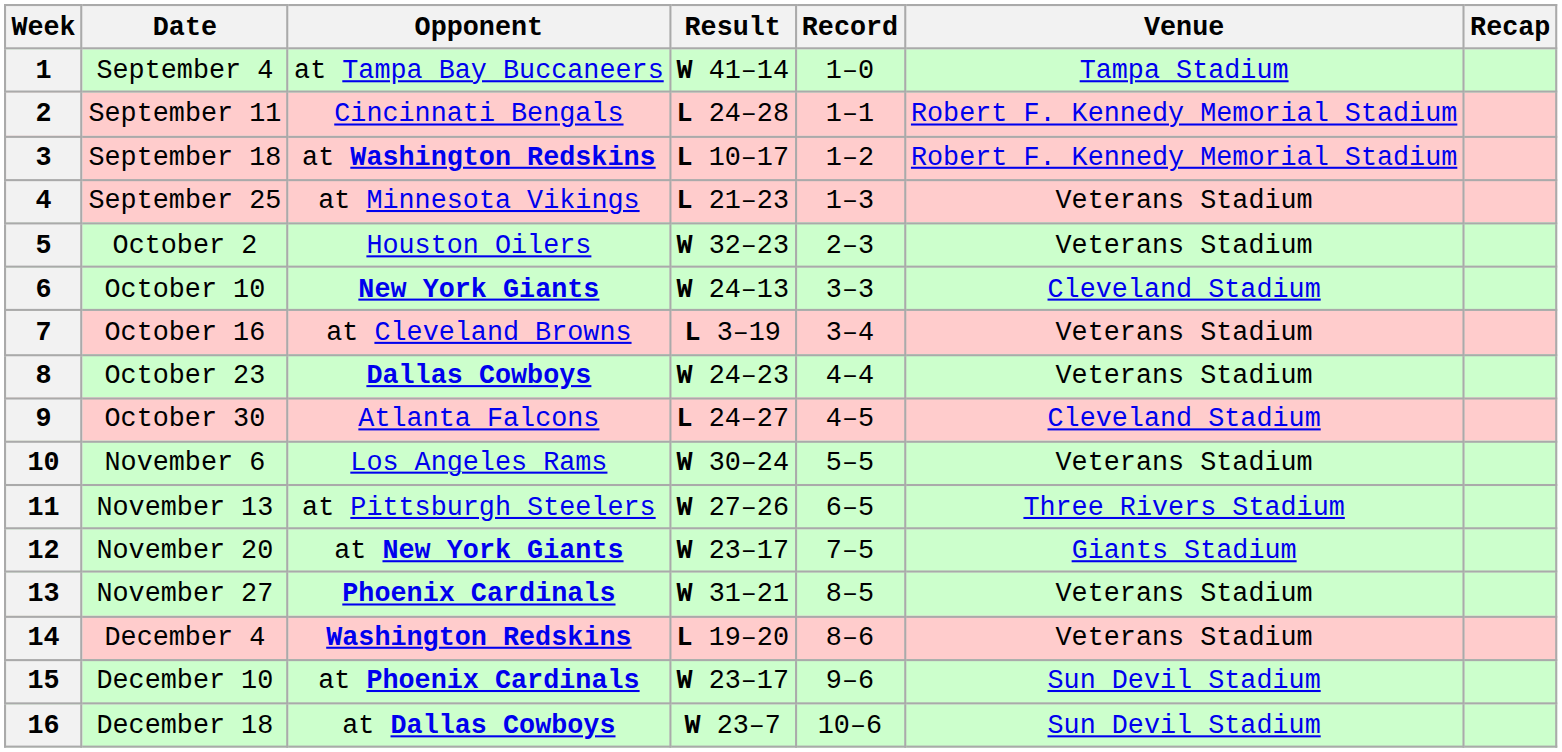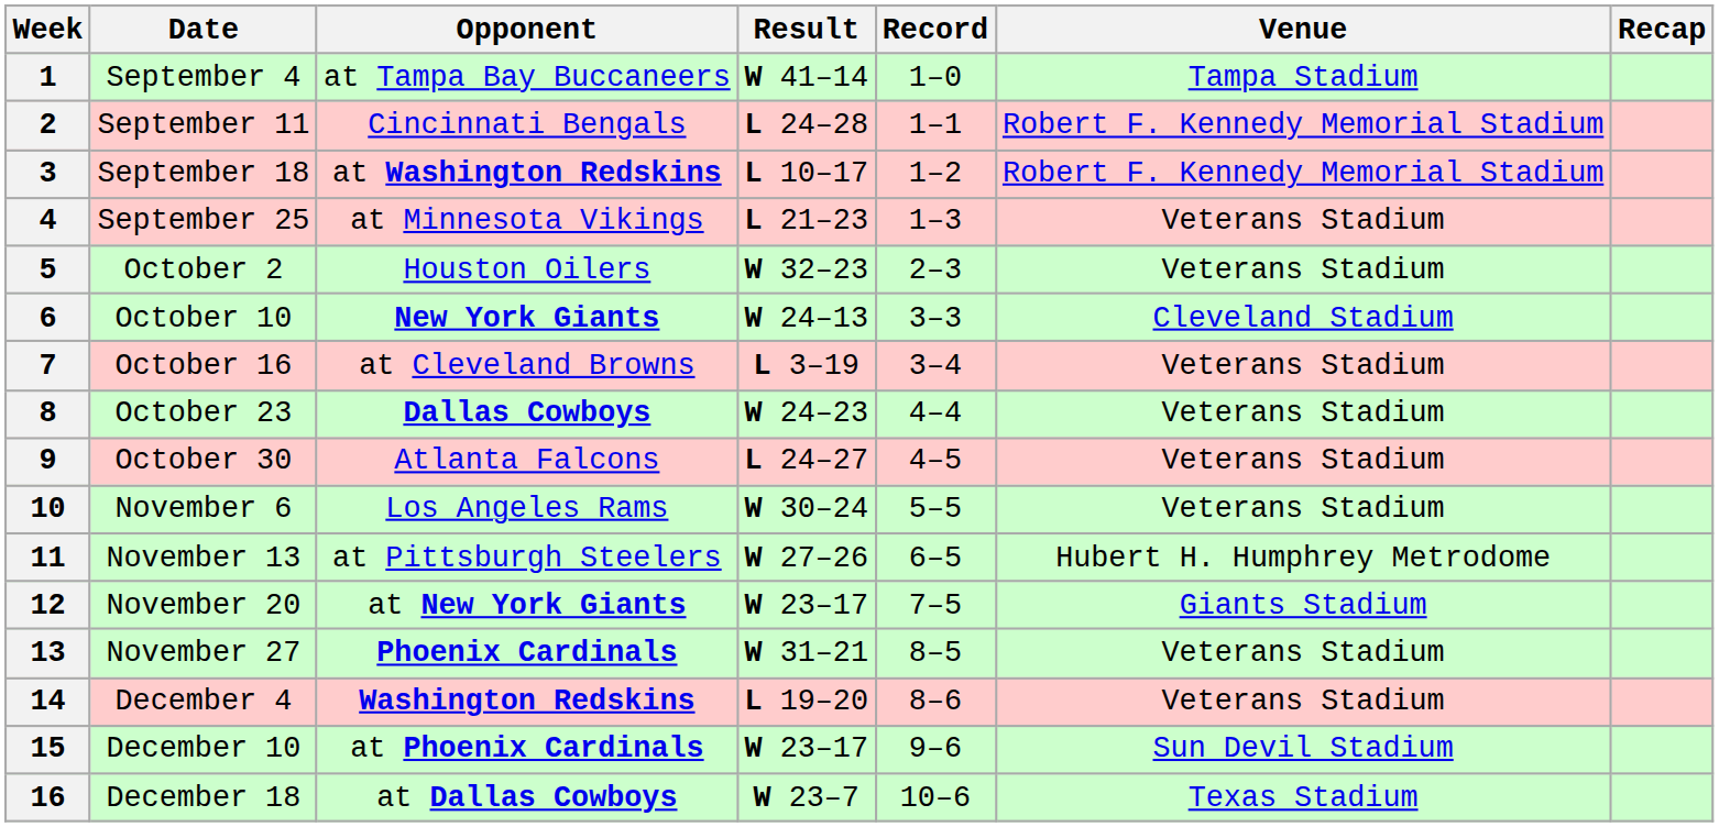 <table class="wikitable" style="text-align:center">
 <tr>
 <th>Week</th>
 <th>Date</th>
 <th>Opponent</th>
 <th>Result</th>
 <th>Record</th>
 <th>Venue</th>
 <th>Recap</th>
 </tr>
 <tr style="background:#cfc">
 <th>1</th>
 <td>September 4</td>
 <td>at <a href='#'>Tampa Bay Buccaneers</a></td>
 <td><strong>W</strong> 41–14</td>
 <td>1–0</td>
 <td><a href='#'>Tampa Stadium</a></td>
 <td></td>
 </tr>
 <tr style="background:#fcc">
 <th>2</th>
 <td>September 11</td>
 <td><a href='#'>Cincinnati Bengals</a></td>
 <td><strong>L</strong> 24–28</td>
 <td>1–1</td>
 <td><a href='#'>Robert F. Kennedy Memorial Stadium</a></td>
 <td></td>
 </tr>
 <tr style="background:#fcc">
 <th>3</th>
 <td>September 18</td>
 <td>at <strong><a href='#'>Washington Redskins</a></strong></td>
 <td><strong>L</strong> 10–17</td>
 <td>1–2</td>
 <td><a href='#'>Robert F. Kennedy Memorial Stadium</a></td>
 <td></td>
 </tr>
 <tr style="background:#fcc">
 <th>4</th>
 <td>September 25</td>
 <td>at <a href='#'>Minnesota Vikings</a></td>
 <td><strong>L</strong> 21–23</td>
 <td>1–3</td>
 <td>Veterans Stadium</td>
 <td></td>
 </tr>
 <tr style="background:#cfc">
 <th>5</th>
 <td>October 2</td>
 <td><a href='#'>Houston Oilers</a></td>
 <td><strong>W</strong> 32–23</td>
 <td>2–3</td>
 <td>Veterans Stadium</td>
 <td></td>
 </tr>
 <tr style="background:#cfc">
 <th>6</th>
 <td>October 10</td>
 <td><strong><a href='#'>New York Giants</a></strong></td>
 <td><strong>W</strong> 24–13</td>
 <td>3–3</td>
 <td><a href='#'>Cleveland Stadium</a></td>
 <td></td>
 </tr>
 <tr style="background:#fcc">
 <th>7</th>
 <td>October 16</td>
 <td>at <a href='#'>Cleveland Browns</a></td>
 <td><strong>L</strong> 3–19</td>
 <td>3–4</td>
 <td>Veterans Stadium</td>
 <td></td>
 </tr>
 <tr style="background:#cfc">
 <th>8</th>
 <td>October 23</td>
 <td><strong><a href='#'>Dallas Cowboys</a></strong></td>
 <td><strong>W</strong> 24–23</td>
 <td>4–4</td>
 <td>Veterans Stadium</td>
 <td></td>
 </tr>
 <tr style="background:#fcc">
 <th>9</th>
 <td>October 30</td>
 <td><a href='#'>Atlanta Falcons</a></td>
 <td><strong>L</strong> 24–27</td>
 <td>4–5</td>
-<td><a href='#'>Cleveland Stadium</a></td>
+<td>Veterans Stadium</td>
 <td></td>
 </tr>
 <tr style="background:#cfc">
 <th>10</th>
 <td>November 6</td>
 <td><a href='#'>Los Angeles Rams</a></td>
 <td><strong>W</strong> 30–24</td>
 <td>5–5</td>
 <td>Veterans Stadium</td>
 <td></td>
 </tr>
 <tr style="background:#cfc">
 <th>11</th>
 <td>November 13</td>
 <td>at <a href='#'>Pittsburgh Steelers</a></td>
 <td><strong>W</strong> 27–26</td>
 <td>6–5</td>
-<td><a href='#'>Three Rivers Stadium</a></td>
+<td>Hubert H. Humphrey Metrodome</td>
 <td></td>
 </tr>
 <tr style="background:#cfc">
 <th>12</th>
 <td>November 20</td>
 <td>at <strong><a href='#'>New York Giants</a></strong></td>
 <td><strong>W</strong> 23–17 </td>
 <td>7–5</td>
 <td><a href='#'>Giants Stadium</a></td>
 <td></td>
 </tr>
 <tr style="background:#cfc">
 <th>13</th>
 <td>November 27</td>
 <td><strong><a href='#'>Phoenix Cardinals</a></strong></td>
 <td><strong>W</strong> 31–21</td>
 <td>8–5</td>
 <td>Veterans Stadium</td>
 <td></td>
 </tr>
 <tr style="background:#fcc">
 <th>14</th>
 <td>December 4</td>
 <td><strong><a href='#'>Washington Redskins</a></strong></td>
 <td><strong>L</strong> 19–20</td>
 <td>8–6</td>
 <td>Veterans Stadium</td>
 <td></td>
 </tr>
 <tr style="background:#cfc">
 <th>15</th>
 <td>December 10</td>
 <td>at <strong><a href='#'>Phoenix Cardinals</a></strong></td>
 <td><strong>W</strong> 23–17</td>
 <td>9–6</td>
 <td><a href='#'>Sun Devil Stadium</a></td>
 <td></td>
 </tr>
 <tr style="background:#cfc">
 <th>16</th>
 <td>December 18</td>
 <td>at <strong><a href='#'>Dallas Cowboys</a></strong></td>
 <td><strong>W</strong> 23–7</td>
 <td>10–6</td>
-<td><a href='#'>Sun Devil Stadium</a></td>
+<td><a href='#'>Texas Stadium</a></td>
 <td></td>
 </tr>
 </table>
